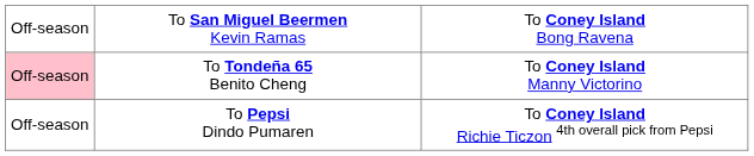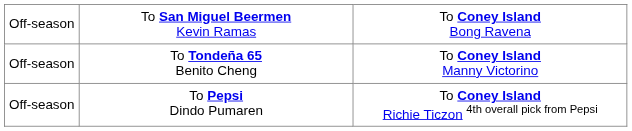 <table border="1" style="border-collapse:collapse; text-align: center" cellpadding="5">
 <tr>
 <td style="width:12%">Off-season</td>
 <td style="width:44%" valign="top">To <strong><a href='#'>San Miguel Beermen</a></strong><br><a href='#'>Kevin Ramas</a></td>
 <td style="width:44%" valign="top">To <strong><a href='#'>Coney Island</a></strong><br><a href='#'>Bong Ravena</a></td>
 </tr>
 <tr>
-<td style="background: pink; width:12%">Off-season</td>
+<td style="width:12%">Off-season</td>
 <td style="width:44%" valign="top">To <strong><a href='#'>Tondeña 65</a></strong><br>Benito Cheng</td>
 <td style="width:44%" valign="top">To <strong><a href='#'>Coney Island</a></strong><br><a href='#'>Manny Victorino</a></td>
 </tr>
 <tr>
 <td style="width:12%">Off-season</td>
 <td style="width:44%" valign="top">To <strong><a href='#'>Pepsi</a></strong><br>Dindo Pumaren</td>
 <td style="width:44%" valign="top">To <strong><a href='#'>Coney Island</a></strong><br><a href='#'>Richie Ticzon</a> <sup>4th overall pick from Pepsi</sup></td>
 </tr>
 </table>
